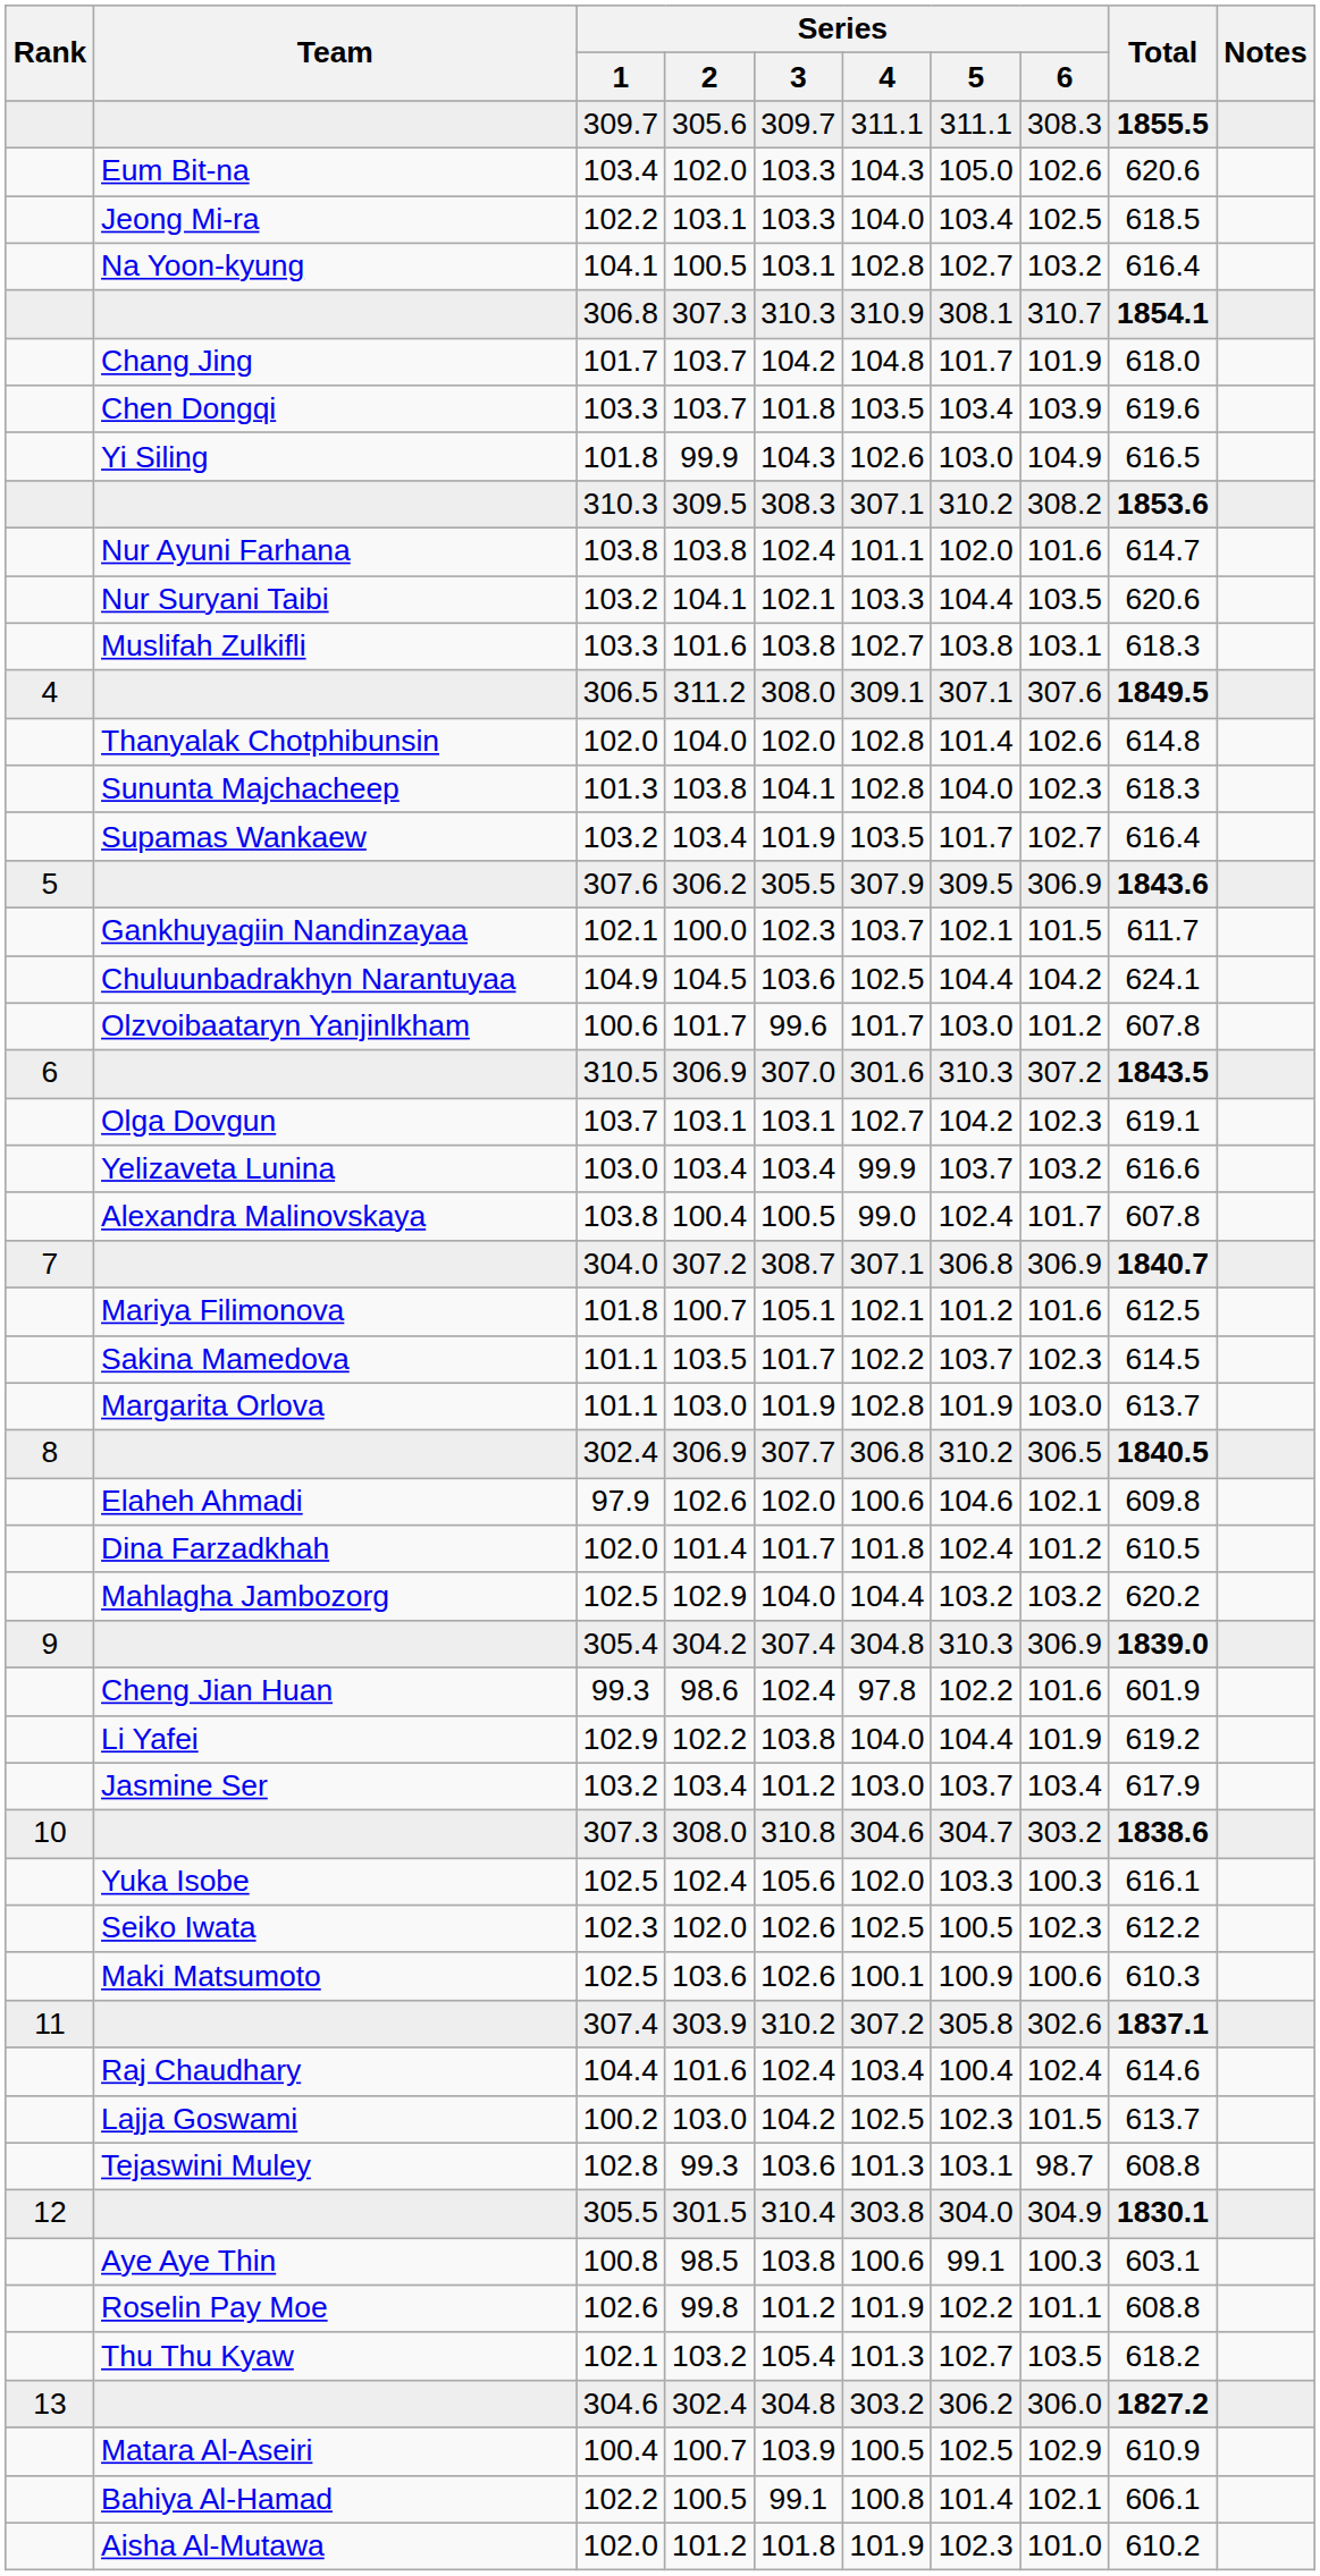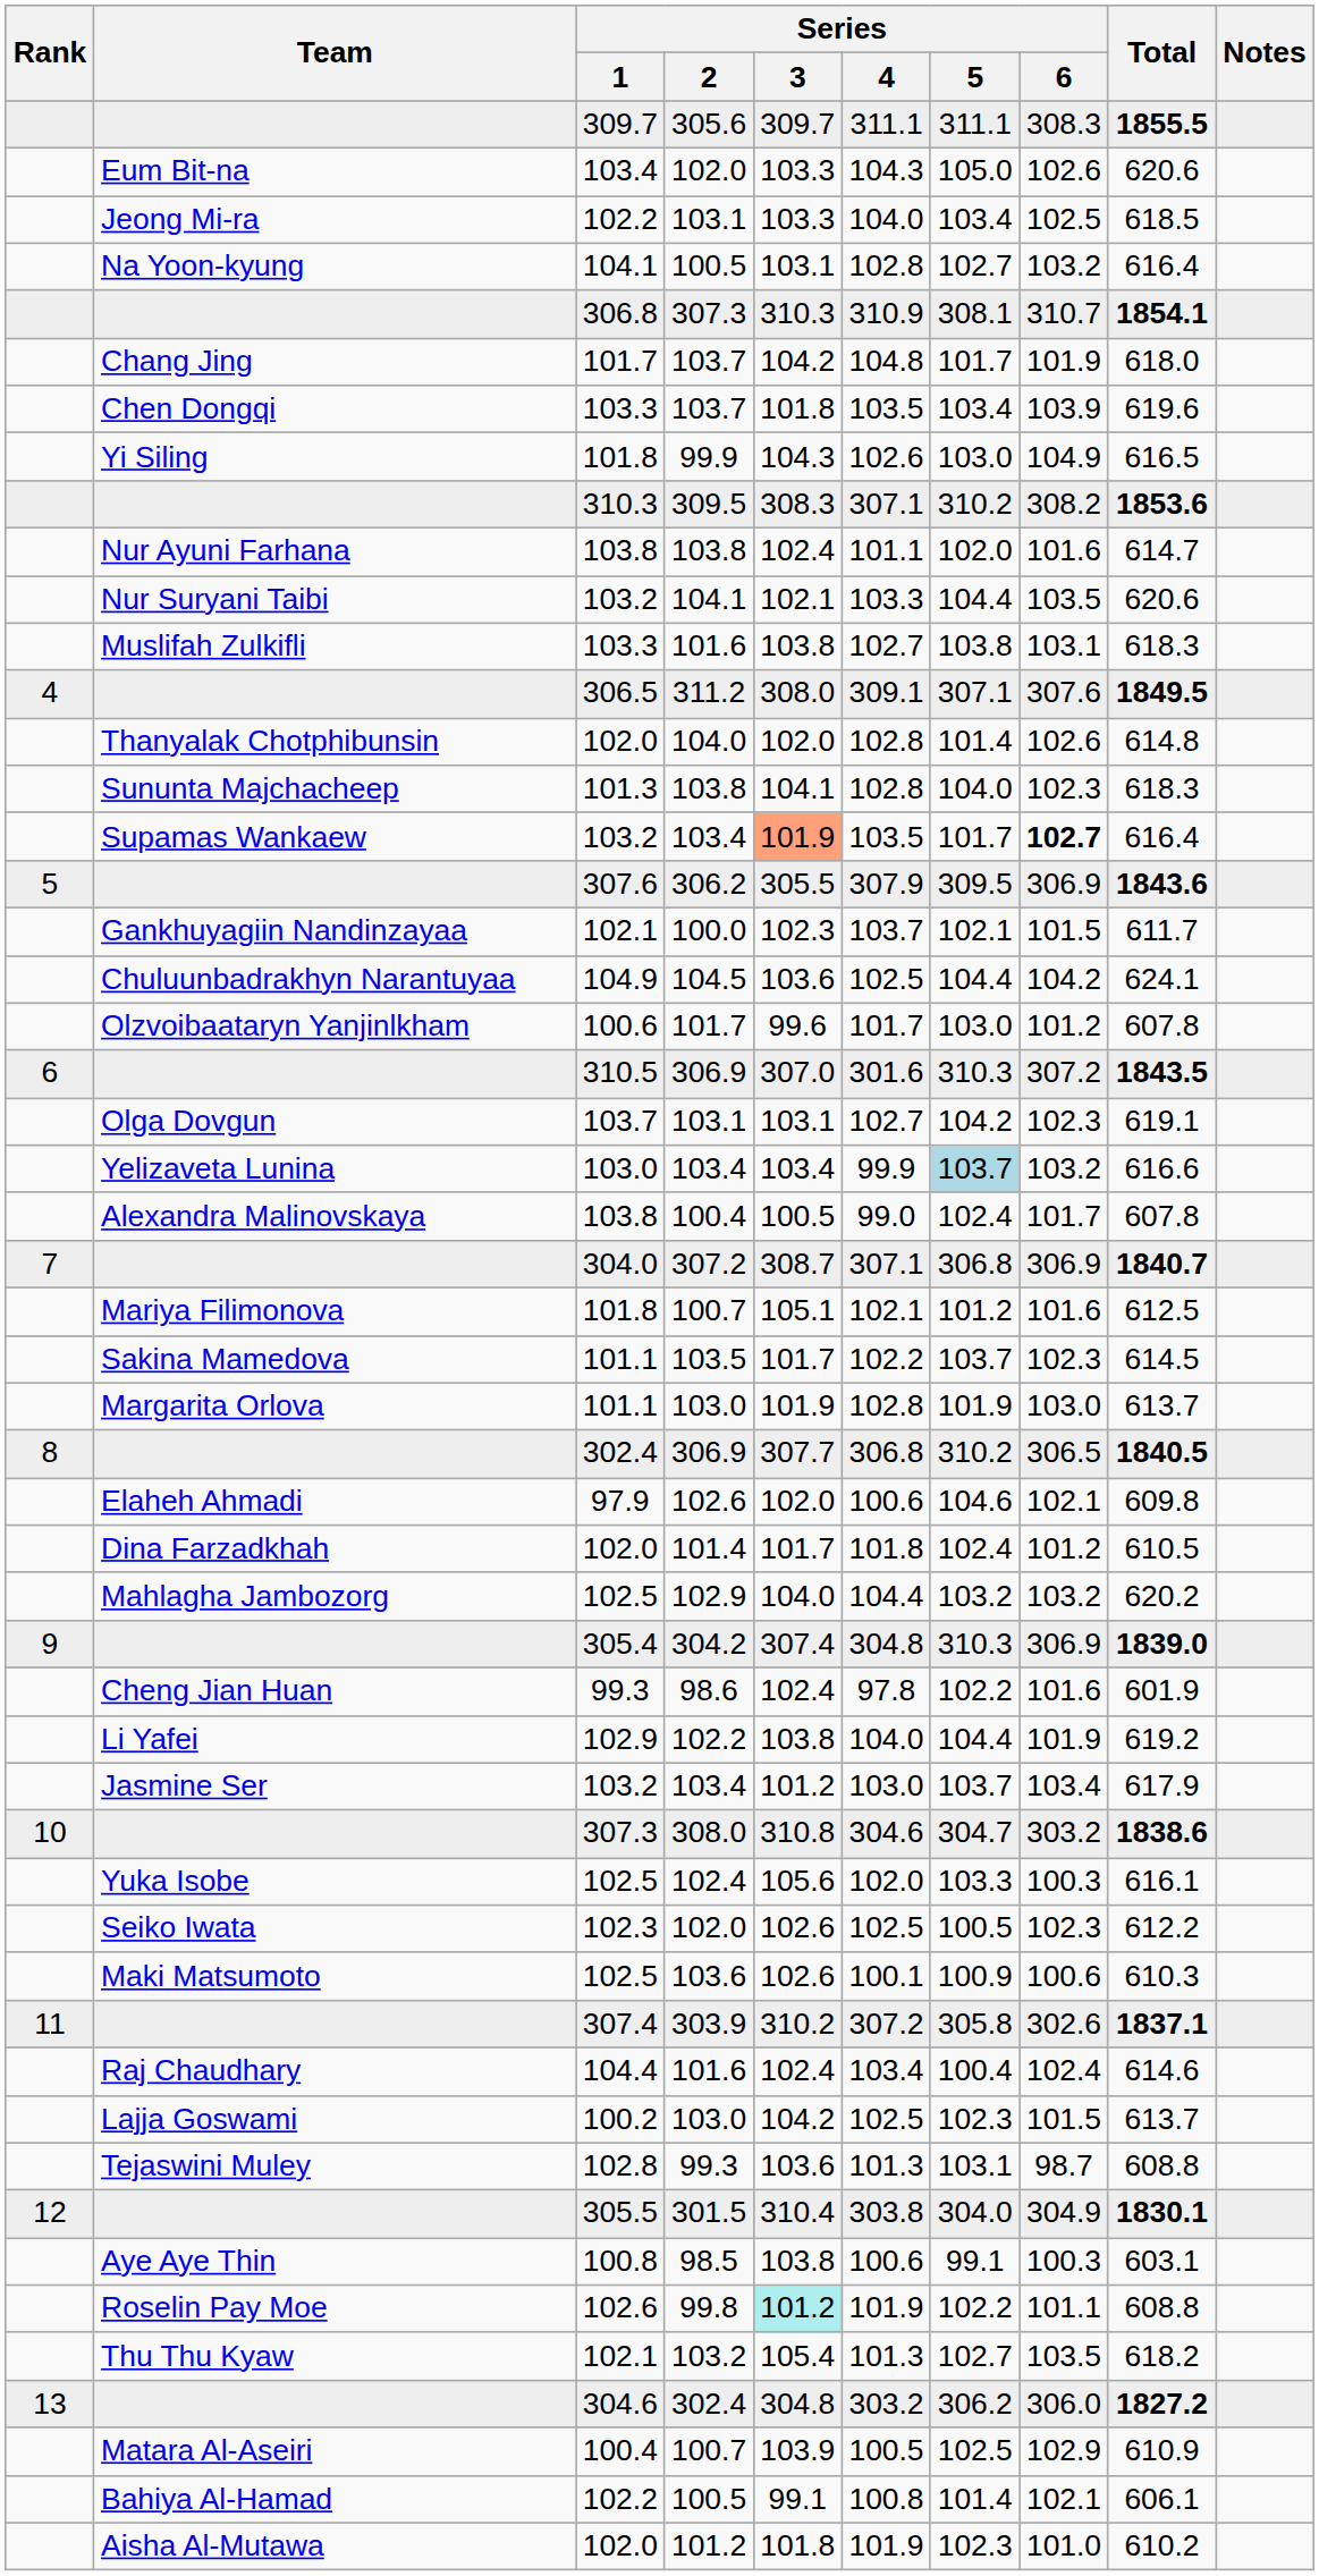 <table class="wikitable" style="text-align:center">
 <tr>
 <th rowspan=2 width=40>Rank</th>
 <th rowspan=2 width=250>Team</th>
 <th colspan=6>Series</th>
 <th rowspan=2 width=50>Total</th>
 <th rowspan=2 width=45>Notes</th>
 </tr>
 <tr>
 <th width=40>1</th>
 <th width=40>2</th>
 <th width=40>3</th>
 <th width=40>4</th>
 <th width=40>5</th>
 <th width=40>6</th>
 </tr>
 <tr bgcolor=eeeeee>
 <td></td>
 <td align=left></td>
 <td>309.7</td>
 <td>305.6</td>
 <td>309.7</td>
 <td>311.1</td>
 <td>311.1</td>
 <td>308.3</td>
 <td><strong>1855.5</strong></td>
 <td></td>
 </tr>
 <tr>
 <td></td>
 <td align=left><a href='#'>Eum Bit-na</a></td>
 <td>103.4</td>
 <td>102.0</td>
 <td>103.3</td>
 <td>104.3</td>
 <td>105.0</td>
 <td>102.6</td>
 <td>620.6</td>
 <td></td>
 </tr>
 <tr>
 <td></td>
 <td align=left><a href='#'>Jeong Mi-ra</a></td>
 <td>102.2</td>
 <td>103.1</td>
 <td>103.3</td>
 <td>104.0</td>
 <td>103.4</td>
 <td>102.5</td>
 <td>618.5</td>
 <td></td>
 </tr>
 <tr>
 <td></td>
 <td align=left><a href='#'>Na Yoon-kyung</a></td>
 <td>104.1</td>
 <td>100.5</td>
 <td>103.1</td>
 <td>102.8</td>
 <td>102.7</td>
 <td>103.2</td>
 <td>616.4</td>
 <td></td>
 </tr>
 <tr bgcolor=eeeeee>
 <td></td>
 <td align=left></td>
 <td>306.8</td>
 <td>307.3</td>
 <td>310.3</td>
 <td>310.9</td>
 <td>308.1</td>
 <td>310.7</td>
 <td><strong>1854.1</strong></td>
 <td></td>
 </tr>
 <tr>
 <td></td>
 <td align=left><a href='#'>Chang Jing</a></td>
 <td>101.7</td>
 <td>103.7</td>
 <td>104.2</td>
 <td>104.8</td>
 <td>101.7</td>
 <td>101.9</td>
 <td>618.0</td>
 <td></td>
 </tr>
 <tr>
 <td></td>
 <td align=left><a href='#'>Chen Dongqi</a></td>
 <td>103.3</td>
 <td>103.7</td>
 <td>101.8</td>
 <td>103.5</td>
 <td>103.4</td>
 <td>103.9</td>
 <td>619.6</td>
 <td></td>
 </tr>
 <tr>
 <td></td>
 <td align=left><a href='#'>Yi Siling</a></td>
 <td>101.8</td>
 <td>99.9</td>
 <td>104.3</td>
 <td>102.6</td>
 <td>103.0</td>
 <td>104.9</td>
 <td>616.5</td>
 <td></td>
 </tr>
 <tr bgcolor=eeeeee>
 <td></td>
 <td align=left></td>
 <td>310.3</td>
 <td>309.5</td>
 <td>308.3</td>
 <td>307.1</td>
 <td>310.2</td>
 <td>308.2</td>
 <td><strong>1853.6</strong></td>
 <td></td>
 </tr>
 <tr>
 <td></td>
 <td align=left><a href='#'>Nur Ayuni Farhana</a></td>
 <td>103.8</td>
 <td>103.8</td>
 <td>102.4</td>
 <td>101.1</td>
 <td>102.0</td>
 <td>101.6</td>
 <td>614.7</td>
 <td></td>
 </tr>
 <tr>
 <td></td>
 <td align=left><a href='#'>Nur Suryani Taibi</a></td>
 <td>103.2</td>
 <td>104.1</td>
 <td>102.1</td>
 <td>103.3</td>
 <td>104.4</td>
 <td>103.5</td>
 <td>620.6</td>
 <td></td>
 </tr>
 <tr>
 <td></td>
 <td align=left><a href='#'>Muslifah Zulkifli</a></td>
 <td>103.3</td>
 <td>101.6</td>
 <td>103.8</td>
 <td>102.7</td>
 <td>103.8</td>
 <td>103.1</td>
 <td>618.3</td>
 <td></td>
 </tr>
 <tr bgcolor=eeeeee>
 <td>4</td>
 <td align=left></td>
 <td>306.5</td>
 <td>311.2</td>
 <td>308.0</td>
 <td>309.1</td>
 <td>307.1</td>
 <td>307.6</td>
 <td><strong>1849.5</strong></td>
 <td></td>
 </tr>
 <tr>
 <td></td>
 <td align=left><a href='#'>Thanyalak Chotphibunsin</a></td>
 <td>102.0</td>
 <td>104.0</td>
 <td>102.0</td>
 <td>102.8</td>
 <td>101.4</td>
 <td>102.6</td>
 <td>614.8</td>
 <td></td>
 </tr>
 <tr>
 <td></td>
 <td align=left><a href='#'>Sununta Majchacheep</a></td>
 <td>101.3</td>
 <td>103.8</td>
 <td>104.1</td>
 <td>102.8</td>
 <td>104.0</td>
 <td>102.3</td>
 <td>618.3</td>
 <td></td>
 </tr>
 <tr>
 <td></td>
 <td align=left><a href='#'>Supamas Wankaew</a></td>
 <td>103.2</td>
 <td>103.4</td>
-<td>101.9</td>
+<td style="background: lightsalmon;">101.9</td>
 <td>103.5</td>
 <td>101.7</td>
-<td>102.7</td>
+<td><strong>102.7</strong></td>
 <td>616.4</td>
 <td></td>
 </tr>
 <tr bgcolor=eeeeee>
 <td>5</td>
 <td align=left></td>
 <td>307.6</td>
 <td>306.2</td>
 <td>305.5</td>
 <td>307.9</td>
 <td>309.5</td>
 <td>306.9</td>
 <td><strong>1843.6</strong></td>
 <td></td>
 </tr>
 <tr>
 <td></td>
 <td align=left><a href='#'>Gankhuyagiin Nandinzayaa</a></td>
 <td>102.1</td>
 <td>100.0</td>
 <td>102.3</td>
 <td>103.7</td>
 <td>102.1</td>
 <td>101.5</td>
 <td>611.7</td>
 <td></td>
 </tr>
 <tr>
 <td></td>
 <td align=left><a href='#'>Chuluunbadrakhyn Narantuyaa</a></td>
 <td>104.9</td>
 <td>104.5</td>
 <td>103.6</td>
 <td>102.5</td>
 <td>104.4</td>
 <td>104.2</td>
 <td>624.1</td>
 <td></td>
 </tr>
 <tr>
 <td></td>
 <td align=left><a href='#'>Olzvoibaataryn Yanjinlkham</a></td>
 <td>100.6</td>
 <td>101.7</td>
 <td>99.6</td>
 <td>101.7</td>
 <td>103.0</td>
 <td>101.2</td>
 <td>607.8</td>
 <td></td>
 </tr>
 <tr bgcolor=eeeeee>
 <td>6</td>
 <td align=left></td>
 <td>310.5</td>
 <td>306.9</td>
 <td>307.0</td>
 <td>301.6</td>
 <td>310.3</td>
 <td>307.2</td>
 <td><strong>1843.5</strong></td>
 <td></td>
 </tr>
 <tr>
 <td></td>
 <td align=left><a href='#'>Olga Dovgun</a></td>
 <td>103.7</td>
 <td>103.1</td>
 <td>103.1</td>
 <td>102.7</td>
 <td>104.2</td>
 <td>102.3</td>
 <td>619.1</td>
 <td></td>
 </tr>
 <tr>
 <td></td>
 <td align=left><a href='#'>Yelizaveta Lunina</a></td>
 <td>103.0</td>
 <td>103.4</td>
 <td>103.4</td>
 <td>99.9</td>
-<td>103.7</td>
+<td style="background: lightblue;">103.7</td>
 <td>103.2</td>
 <td>616.6</td>
 <td></td>
 </tr>
 <tr>
 <td></td>
 <td align=left><a href='#'>Alexandra Malinovskaya</a></td>
 <td>103.8</td>
 <td>100.4</td>
 <td>100.5</td>
 <td>99.0</td>
 <td>102.4</td>
 <td>101.7</td>
 <td>607.8</td>
 <td></td>
 </tr>
 <tr bgcolor=eeeeee>
 <td>7</td>
 <td align=left></td>
 <td>304.0</td>
 <td>307.2</td>
 <td>308.7</td>
 <td>307.1</td>
 <td>306.8</td>
 <td>306.9</td>
 <td><strong>1840.7</strong></td>
 <td></td>
 </tr>
 <tr>
 <td></td>
 <td align=left><a href='#'>Mariya Filimonova</a></td>
 <td>101.8</td>
 <td>100.7</td>
 <td>105.1</td>
 <td>102.1</td>
 <td>101.2</td>
 <td>101.6</td>
 <td>612.5</td>
 <td></td>
 </tr>
 <tr>
 <td></td>
 <td align=left><a href='#'>Sakina Mamedova</a></td>
 <td>101.1</td>
 <td>103.5</td>
 <td>101.7</td>
 <td>102.2</td>
 <td>103.7</td>
 <td>102.3</td>
 <td>614.5</td>
 <td></td>
 </tr>
 <tr>
 <td></td>
 <td align=left><a href='#'>Margarita Orlova</a></td>
 <td>101.1</td>
 <td>103.0</td>
 <td>101.9</td>
 <td>102.8</td>
 <td>101.9</td>
 <td>103.0</td>
 <td>613.7</td>
 <td></td>
 </tr>
 <tr bgcolor=eeeeee>
 <td>8</td>
 <td align=left></td>
 <td>302.4</td>
 <td>306.9</td>
 <td>307.7</td>
 <td>306.8</td>
 <td>310.2</td>
 <td>306.5</td>
 <td><strong>1840.5</strong></td>
 <td></td>
 </tr>
 <tr>
 <td></td>
 <td align=left><a href='#'>Elaheh Ahmadi</a></td>
 <td>97.9</td>
 <td>102.6</td>
 <td>102.0</td>
 <td>100.6</td>
 <td>104.6</td>
 <td>102.1</td>
 <td>609.8</td>
 <td></td>
 </tr>
 <tr>
 <td></td>
 <td align=left><a href='#'>Dina Farzadkhah</a></td>
 <td>102.0</td>
 <td>101.4</td>
 <td>101.7</td>
 <td>101.8</td>
 <td>102.4</td>
 <td>101.2</td>
 <td>610.5</td>
 <td></td>
 </tr>
 <tr>
 <td></td>
 <td align=left><a href='#'>Mahlagha Jambozorg</a></td>
 <td>102.5</td>
 <td>102.9</td>
 <td>104.0</td>
 <td>104.4</td>
 <td>103.2</td>
 <td>103.2</td>
 <td>620.2</td>
 <td></td>
 </tr>
 <tr bgcolor=eeeeee>
 <td>9</td>
 <td align=left></td>
 <td>305.4</td>
 <td>304.2</td>
 <td>307.4</td>
 <td>304.8</td>
 <td>310.3</td>
 <td>306.9</td>
 <td><strong>1839.0</strong></td>
 <td></td>
 </tr>
 <tr>
 <td></td>
 <td align=left><a href='#'>Cheng Jian Huan</a></td>
 <td>99.3</td>
 <td>98.6</td>
 <td>102.4</td>
 <td>97.8</td>
 <td>102.2</td>
 <td>101.6</td>
 <td>601.9</td>
 <td></td>
 </tr>
 <tr>
 <td></td>
 <td align=left><a href='#'>Li Yafei</a></td>
 <td>102.9</td>
 <td>102.2</td>
 <td>103.8</td>
 <td>104.0</td>
 <td>104.4</td>
 <td>101.9</td>
 <td>619.2</td>
 <td></td>
 </tr>
 <tr>
 <td></td>
 <td align=left><a href='#'>Jasmine Ser</a></td>
 <td>103.2</td>
 <td>103.4</td>
 <td>101.2</td>
 <td>103.0</td>
 <td>103.7</td>
 <td>103.4</td>
 <td>617.9</td>
 <td></td>
 </tr>
 <tr bgcolor=eeeeee>
 <td>10</td>
 <td align=left></td>
 <td>307.3</td>
 <td>308.0</td>
 <td>310.8</td>
 <td>304.6</td>
 <td>304.7</td>
 <td>303.2</td>
 <td><strong>1838.6</strong></td>
 <td></td>
 </tr>
 <tr>
 <td></td>
 <td align=left><a href='#'>Yuka Isobe</a></td>
 <td>102.5</td>
 <td>102.4</td>
 <td>105.6</td>
 <td>102.0</td>
 <td>103.3</td>
 <td>100.3</td>
 <td>616.1</td>
 <td></td>
 </tr>
 <tr>
 <td></td>
 <td align=left><a href='#'>Seiko Iwata</a></td>
 <td>102.3</td>
 <td>102.0</td>
 <td>102.6</td>
 <td>102.5</td>
 <td>100.5</td>
 <td>102.3</td>
 <td>612.2</td>
 <td></td>
 </tr>
 <tr>
 <td></td>
 <td align=left><a href='#'>Maki Matsumoto</a></td>
 <td>102.5</td>
 <td>103.6</td>
 <td>102.6</td>
 <td>100.1</td>
 <td>100.9</td>
 <td>100.6</td>
 <td>610.3</td>
 <td></td>
 </tr>
 <tr bgcolor=eeeeee>
 <td>11</td>
 <td align=left></td>
 <td>307.4</td>
 <td>303.9</td>
 <td>310.2</td>
 <td>307.2</td>
 <td>305.8</td>
 <td>302.6</td>
 <td><strong>1837.1</strong></td>
 <td></td>
 </tr>
 <tr>
 <td></td>
 <td align=left><a href='#'>Raj Chaudhary</a></td>
 <td>104.4</td>
 <td>101.6</td>
 <td>102.4</td>
 <td>103.4</td>
 <td>100.4</td>
 <td>102.4</td>
 <td>614.6</td>
 <td></td>
 </tr>
 <tr>
 <td></td>
 <td align=left><a href='#'>Lajja Goswami</a></td>
 <td>100.2</td>
 <td>103.0</td>
 <td>104.2</td>
 <td>102.5</td>
 <td>102.3</td>
 <td>101.5</td>
 <td>613.7</td>
 <td></td>
 </tr>
 <tr>
 <td></td>
 <td align=left><a href='#'>Tejaswini Muley</a></td>
 <td>102.8</td>
 <td>99.3</td>
 <td>103.6</td>
 <td>101.3</td>
 <td>103.1</td>
 <td>98.7</td>
 <td>608.8</td>
 <td></td>
 </tr>
 <tr bgcolor=eeeeee>
 <td>12</td>
 <td align=left></td>
 <td>305.5</td>
 <td>301.5</td>
 <td>310.4</td>
 <td>303.8</td>
 <td>304.0</td>
 <td>304.9</td>
 <td><strong>1830.1</strong></td>
 <td></td>
 </tr>
 <tr>
 <td></td>
 <td align=left><a href='#'>Aye Aye Thin</a></td>
 <td>100.8</td>
 <td>98.5</td>
 <td>103.8</td>
 <td>100.6</td>
 <td>99.1</td>
 <td>100.3</td>
 <td>603.1</td>
 <td></td>
 </tr>
 <tr>
 <td></td>
 <td align=left><a href='#'>Roselin Pay Moe</a></td>
 <td>102.6</td>
 <td>99.8</td>
-<td>101.2</td>
+<td style="background: paleturquoise;">101.2</td>
 <td>101.9</td>
 <td>102.2</td>
 <td>101.1</td>
 <td>608.8</td>
 <td></td>
 </tr>
 <tr>
 <td></td>
 <td align=left><a href='#'>Thu Thu Kyaw</a></td>
 <td>102.1</td>
 <td>103.2</td>
 <td>105.4</td>
 <td>101.3</td>
 <td>102.7</td>
 <td>103.5</td>
 <td>618.2</td>
 <td></td>
 </tr>
 <tr bgcolor=eeeeee>
 <td>13</td>
 <td align=left></td>
 <td>304.6</td>
 <td>302.4</td>
 <td>304.8</td>
 <td>303.2</td>
 <td>306.2</td>
 <td>306.0</td>
 <td><strong>1827.2</strong></td>
 <td></td>
 </tr>
 <tr>
 <td></td>
 <td align=left><a href='#'>Matara Al-Aseiri</a></td>
 <td>100.4</td>
 <td>100.7</td>
 <td>103.9</td>
 <td>100.5</td>
 <td>102.5</td>
 <td>102.9</td>
 <td>610.9</td>
 <td></td>
 </tr>
 <tr>
 <td></td>
 <td align=left><a href='#'>Bahiya Al-Hamad</a></td>
 <td>102.2</td>
 <td>100.5</td>
 <td>99.1</td>
 <td>100.8</td>
 <td>101.4</td>
 <td>102.1</td>
 <td>606.1</td>
 <td></td>
 </tr>
 <tr>
 <td></td>
 <td align=left><a href='#'>Aisha Al-Mutawa</a></td>
 <td>102.0</td>
 <td>101.2</td>
 <td>101.8</td>
 <td>101.9</td>
 <td>102.3</td>
 <td>101.0</td>
 <td>610.2</td>
 <td></td>
 </tr>
 </table>
